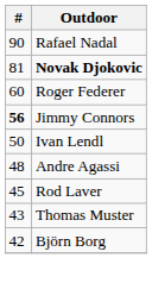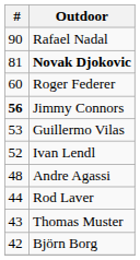 <table class="wikitable" style="display:inline-table;">
 <tr>
 <th width=20>#</th>
 <th>Outdoor</th>
 </tr>
 <tr>
 <td>90</td>
 <td> Rafael Nadal</td>
 </tr>
 <tr>
 <td>81</td>
 <td><strong> Novak Djokovic</strong></td>
 </tr>
 <tr>
 <td>60</td>
 <td> Roger Federer</td>
 </tr>
 <tr>
 <td><strong>56</strong></td>
 <td> Jimmy Connors</td>
 </tr>
 <tr>
-<td>50</td>
+<td>53</td>
+<td> Guillermo Vilas</td>
+</tr>
+<tr>
+<td>52</td>
 <td> Ivan Lendl</td>
 </tr>
 <tr>
 <td>48</td>
 <td> Andre Agassi</td>
 </tr>
 <tr>
-<td>45</td>
+<td>44</td>
 <td> Rod Laver</td>
 </tr>
 <tr>
 <td>43</td>
 <td> Thomas Muster</td>
 </tr>
 <tr>
 <td>42</td>
 <td> Björn Borg</td>
 </tr>
 <tr>
 </tr>
 </table>
